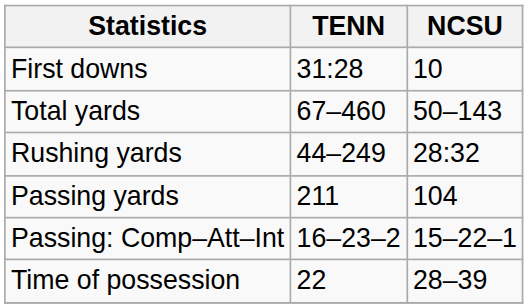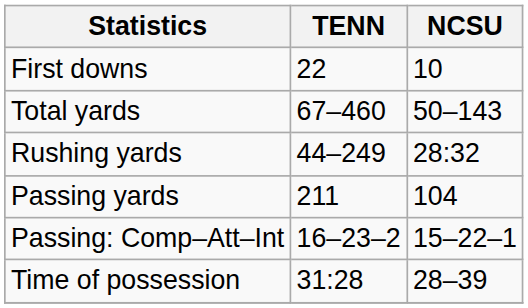 <table class="wikitable" style="float: left;">
 <tr>
 <th>Statistics</th>
 <th>TENN</th>
 <th>NCSU</th>
 </tr>
 <tr>
 <td>First downs</td>
-<td>31:28</td>
+<td>22</td>
 <td>10</td>
 </tr>
 <tr>
 <td>Total yards</td>
 <td>67–460</td>
 <td>50–143</td>
 </tr>
 <tr>
 <td>Rushing yards</td>
 <td>44–249</td>
 <td>28:32</td>
 </tr>
 <tr>
 <td>Passing yards</td>
 <td>211</td>
 <td>104</td>
 </tr>
 <tr>
 <td>Passing: Comp–Att–Int</td>
 <td>16–23–2</td>
 <td>15–22–1</td>
 </tr>
 <tr>
 <td>Time of possession</td>
-<td>22</td>
+<td>31:28</td>
 <td>28–39</td>
 </tr>
 <tr>
 </tr>
 </table>
